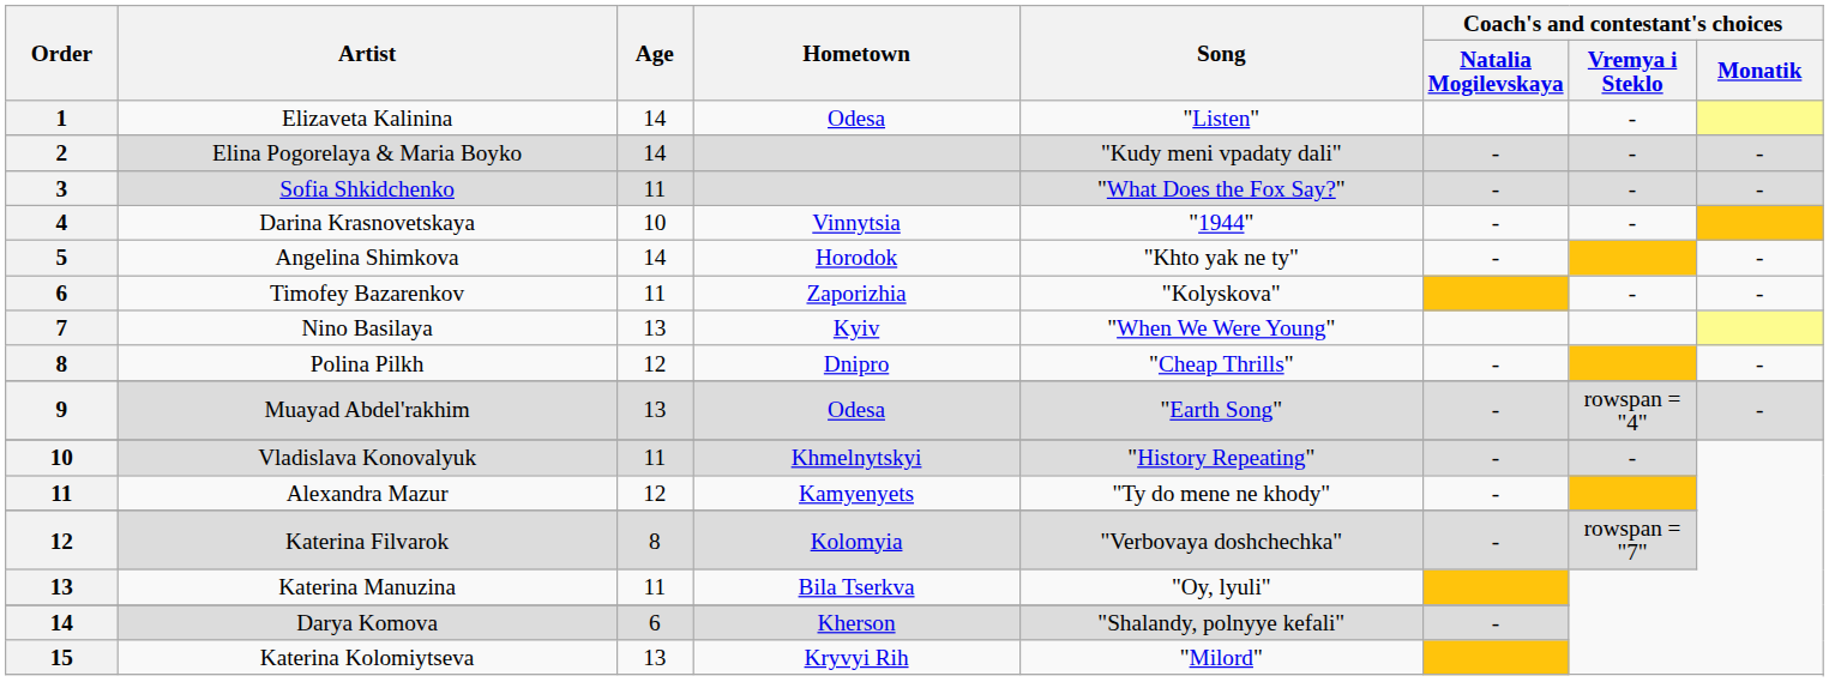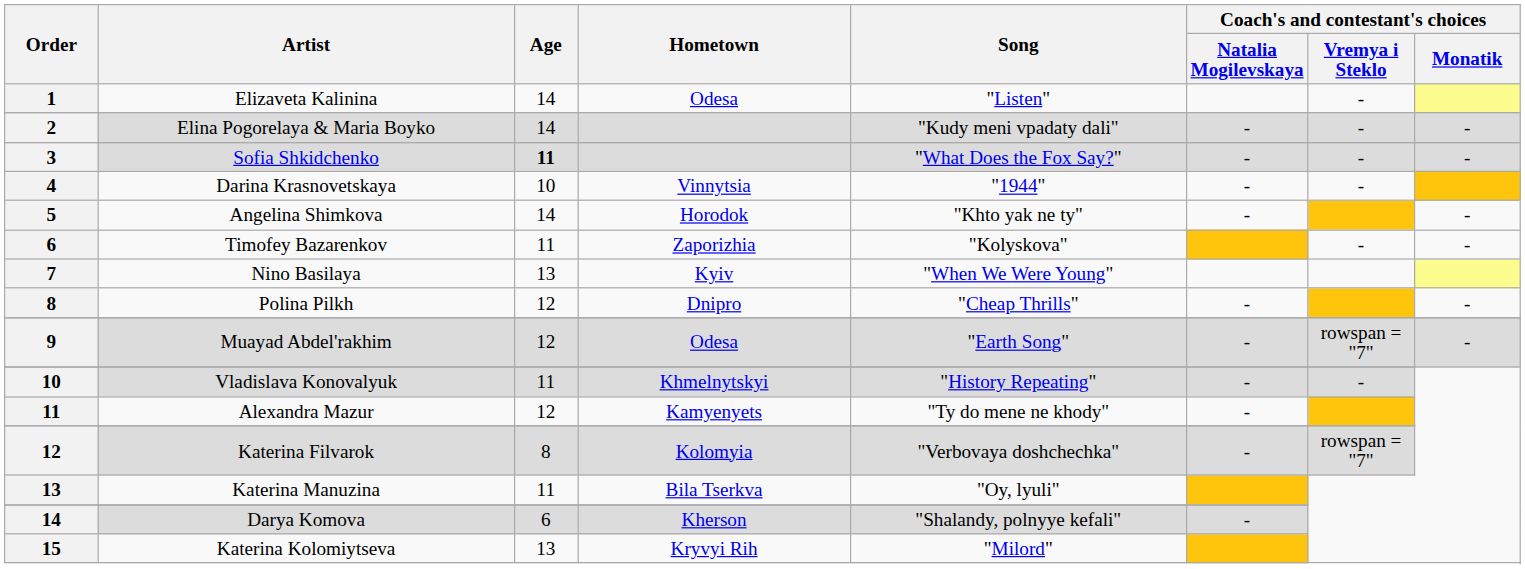 <table class="wikitable" style="text-align:center; line-height:17px; width:100%;">
 <tr>
 <th scope="col" rowspan="2" style="width=05%;">Order</th>
 <th scope="col" rowspan="2" style="width=20%;">Artist</th>
 <th scope="col" rowspan="2" style="width=05%;">Age</th>
 <th scope="col" rowspan="2" style="width:18%;">Hometown</th>
 <th scope="col" rowspan="2" style="width=22%;">Song</th>
 <th scope="col" colspan="4" style="width=28%;">Coach's and contestant's choices</th>
 </tr>
 <tr>
 <th width="07%"><a href='#'>Natalia Mogilevskaya</a></th>
 <th width="07%"><a href='#'>Vremya i Steklo</a></th>
 <th width="07%"><a href='#'>Monatik</a></th>
 </tr>
 <tr id="4_1">
 <th>1</th>
 <td>Elizaveta Kalinina</td>
 <td>14</td>
 <td><a href='#'>Odesa</a></td>
 <td>"<a href='#'>Listen</a>"</td>
 <td><strong></strong></td>
 <td>-</td>
 <td style="background:#fdfc8f;"><strong></strong></td>
 </tr>
 <tr>
 </tr>
 <tr style="background:#DCDCDC;">
 <th>2</th>
 <td>Elina Pogorelaya & Maria Boyko</td>
 <td>14</td>
 <td></td>
 <td>"Kudy meni vpadaty dali"</td>
 <td>-</td>
 <td>-</td>
 <td>-</td>
 </tr>
 <tr>
 </tr>
 <tr style="background:#DCDCDC;">
 <th>3</th>
 <td><a href='#'>Sofia Shkidchenko</a></td>
-<td>11</td>
+<td><strong>11</strong></td>
 <td></td>
 <td>"<a href='#'>What Does the Fox Say?</a>"</td>
 <td>-</td>
 <td>-</td>
 <td>-</td>
 </tr>
 <tr id="4_4">
 <th>4</th>
 <td>Darina Krasnovetskaya</td>
 <td>10</td>
 <td><a href='#'>Vinnytsia</a></td>
 <td>"<a href='#'>1944</a>"</td>
 <td>-</td>
 <td>-</td>
 <td style="background:#ffc40c;"><strong></strong></td>
 </tr>
 <tr id="4_5">
 <th>5</th>
 <td>Angelina Shimkova</td>
 <td>14</td>
 <td><a href='#'>Horodok</a></td>
 <td>"Khto yak ne ty"</td>
 <td>-</td>
 <td style="background:#ffc40c;"><strong></strong></td>
 <td>-</td>
 </tr>
 <tr id="4_6">
 <th>6</th>
 <td>Timofey Bazarenkov</td>
 <td>11</td>
 <td><a href='#'>Zaporizhia</a></td>
 <td>"Kolyskova"</td>
 <td style="background:#ffc40c;"><strong></strong></td>
 <td>-</td>
 <td>-</td>
 </tr>
 <tr id="4_7">
 <th>7</th>
 <td>Nino Basilaya</td>
 <td>13</td>
 <td><a href='#'>Kyiv</a></td>
 <td>"<a href='#'>When We Were Young</a>"</td>
 <td><strong></strong></td>
 <td><strong></strong></td>
 <td style="background:#fdfc8f;"><strong></strong></td>
 </tr>
 <tr id="4_8">
 <th>8</th>
 <td>Polina Pilkh</td>
 <td>12</td>
 <td><a href='#'>Dnipro</a></td>
 <td>"<a href='#'>Cheap Thrills</a>"</td>
 <td>-</td>
 <td style="background:#ffc40c;"><strong></strong></td>
 <td>-</td>
 </tr>
 <tr>
 </tr>
 <tr style="background:#DCDCDC;">
 <th>9</th>
 <td>Muayad Abdel'rakhim</td>
-<td>13</td>
+<td>12</td>
 <td><a href='#'>Odesa</a></td>
 <td>"<a href='#'>Earth Song</a>"</td>
 <td>-</td>
-<td>rowspan = "4" </td>
+<td>rowspan = "7" </td>
 <td>-</td>
 </tr>
 <tr>
 </tr>
 <tr style="background:#DCDCDC;">
 <th>10</th>
 <td>Vladislava Konovalyuk</td>
 <td>11</td>
 <td><a href='#'>Khmelnytskyi</a></td>
 <td>"<a href='#'>History Repeating</a>"</td>
 <td>-</td>
 <td>-</td>
 </tr>
 <tr id="4_11">
 <th>11</th>
 <td>Alexandra Mazur</td>
 <td>12</td>
 <td><a href='#'>Kamyenyets</a></td>
 <td>"Ty do mene ne khody"</td>
 <td>-</td>
 <td style="background:#ffc40c;"><strong></strong></td>
 </tr>
 <tr>
 </tr>
 <tr style="background:#DCDCDC;">
 <th>12</th>
 <td>Katerina Filvarok</td>
 <td>8</td>
 <td><a href='#'>Kolomyia</a></td>
 <td>"Verbovaya doshchechka"</td>
 <td>-</td>
 <td>rowspan = "7" </td>
 </tr>
 <tr id="4_13">
 <th>13</th>
 <td>Katerina Manuzina</td>
 <td>11</td>
 <td><a href='#'>Bila Tserkva</a></td>
 <td>"Oy, lyuli"</td>
 <td style="background:#ffc40c;"><strong></strong></td>
 </tr>
 <tr>
 </tr>
 <tr style="background:#DCDCDC;">
 <th>14</th>
 <td>Darya Komova</td>
 <td>6</td>
 <td><a href='#'>Kherson</a></td>
 <td>"Shalandy, polnyye kefali"</td>
 <td>-</td>
 </tr>
 <tr id="4_15">
 <th>15</th>
 <td>Katerina Kolomiytseva</td>
 <td>13</td>
 <td><a href='#'>Kryvyi Rih</a></td>
 <td>"<a href='#'>Milord</a>"</td>
 <td style="background:#ffc40c;"><strong></strong></td>
 </tr>
 <tr>
 </tr>
 </table>
